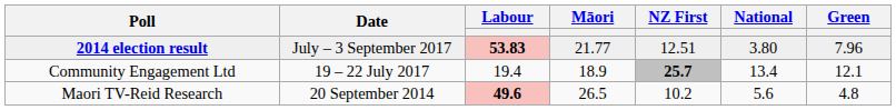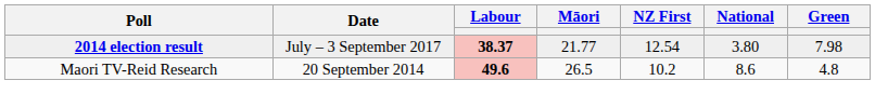 <table class="wikitable" style="font-size:90%; line-height:14px; text-align:center">
 <tr>
 <th style="width:240px;" rowspan="2">Poll</th>
 <th style="width:160px;" rowspan="2">Date </th>
 <th style="width:70px;" r bgcolor=><a href='#'>Labour</a></th>
 <th style="width:70px;" r bgcolor=><a href='#'>Māori</a></th>
 <th style="width:70px;" r bgcolor=><a href='#'>NZ First</a></th>
 <th style="width:70px;" r bgcolor=><a href='#'>National</a></th>
 <th style="width:70px;" r bgcolor=><a href='#'>Green</a></th>
 </tr>
 <tr>
 <th class="unsortable" style="color:inherit;background:"></th>
 <th class="unsortable" style="color:inherit;background:"></th>
 <th class="unsortable" style="color:inherit;background:"></th>
 <th class="unsortable" style="color:inherit;background:"></th>
 <th class="unsortable" style="color:inherit;background:"></th>
 </tr>
 <tr>
 </tr>
 <tr style="background:#EFEFEF; font-weight:italic;">
 <td><strong><a href='#'>2014 election result</a></strong></td>
 <td>July – 3 September 2017</td>
-<td style="background:#F8C1BE"><strong>53.83</strong></td>
+<td style="background:#F8C1BE"><strong>38.37</strong></td>
 <td>21.77</td>
-<td>12.51</td>
+<td>12.54</td>
 <td>3.80</td>
-<td>7.96</td>
-</tr>
-<tr>
-<td>Community Engagement Ltd</td>
-<td>19 – 22 July 2017</td>
-<td>19.4</td>
-<td>18.9</td>
-<td style="background:#C0C0C0"><strong>25.7</strong></td>
-<td>13.4</td>
-<td>12.1</td>
+<td>7.98</td>
 </tr>
 <tr>
 <td>Maori TV-Reid Research</td>
 <td>20 September 2014</td>
 <td style="background:#F8C1BE"><strong>49.6</strong></td>
 <td>26.5</td>
 <td>10.2</td>
-<td>5.6</td>
+<td>8.6</td>
 <td>4.8</td>
 </tr>
 </table>
